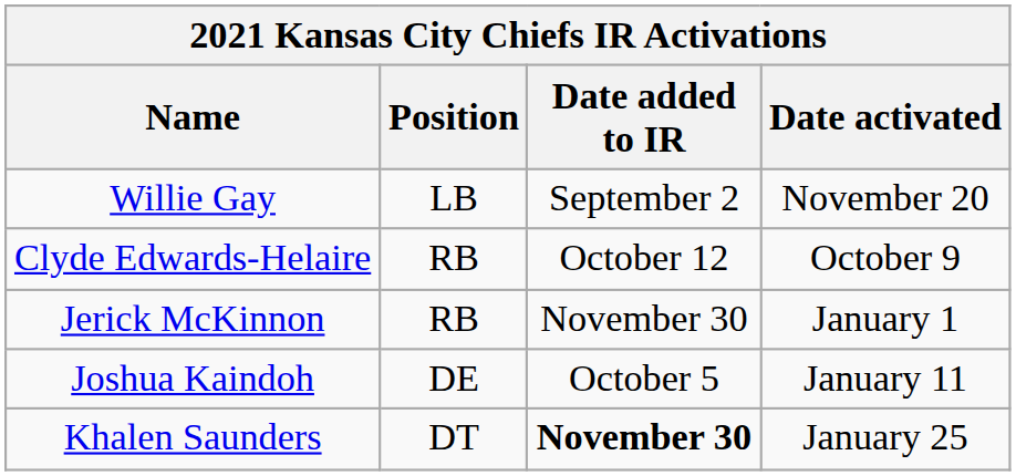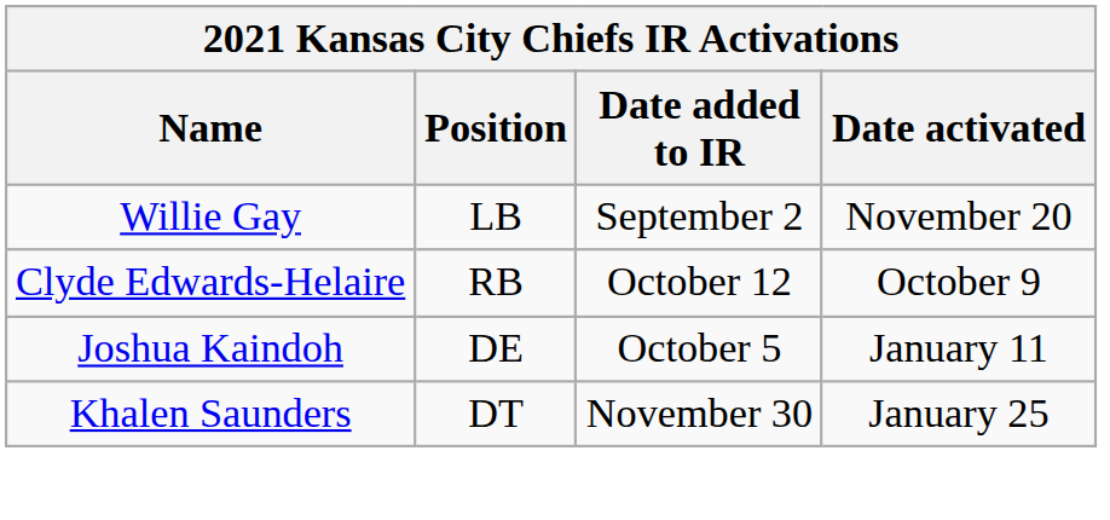 <table class="wikitable" style="text-align:center">
 <tr>
 <th colspan=4>2021 Kansas City Chiefs IR Activations</th>
 </tr>
 <tr>
 <th>Name</th>
 <th>Position</th>
 <th>Date added<br>to IR</th>
 <th>Date activated</th>
 </tr>
 <tr>
 <td><a href='#'>Willie Gay</a></td>
 <td>LB</td>
 <td>September 2</td>
 <td>November 20</td>
 </tr>
 <tr>
 <td><a href='#'>Clyde Edwards-Helaire</a></td>
 <td>RB</td>
 <td>October 12</td>
 <td>October 9</td>
 </tr>
 <tr>
-<td><a href='#'>Jerick McKinnon</a></td>
-<td>RB</td>
-<td>November 30</td>
-<td>January 1</td>
-</tr>
-<tr>
 <td><a href='#'>Joshua Kaindoh</a></td>
 <td>DE</td>
 <td>October 5</td>
 <td>January 11</td>
 </tr>
 <tr>
 <td><a href='#'>Khalen Saunders</a></td>
 <td>DT</td>
-<td><strong>November 30</strong></td>
+<td>November 30</td>
 <td>January 25</td>
 </tr>
 </table>
